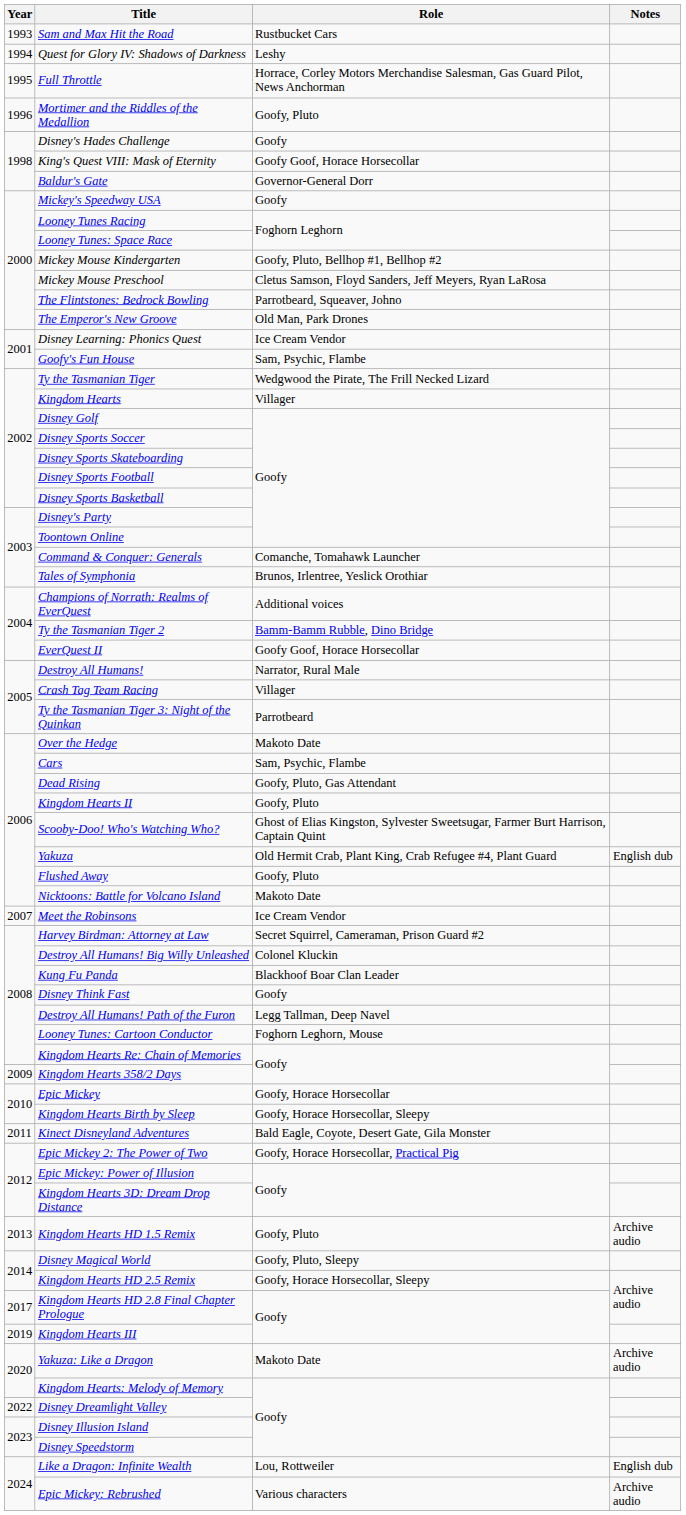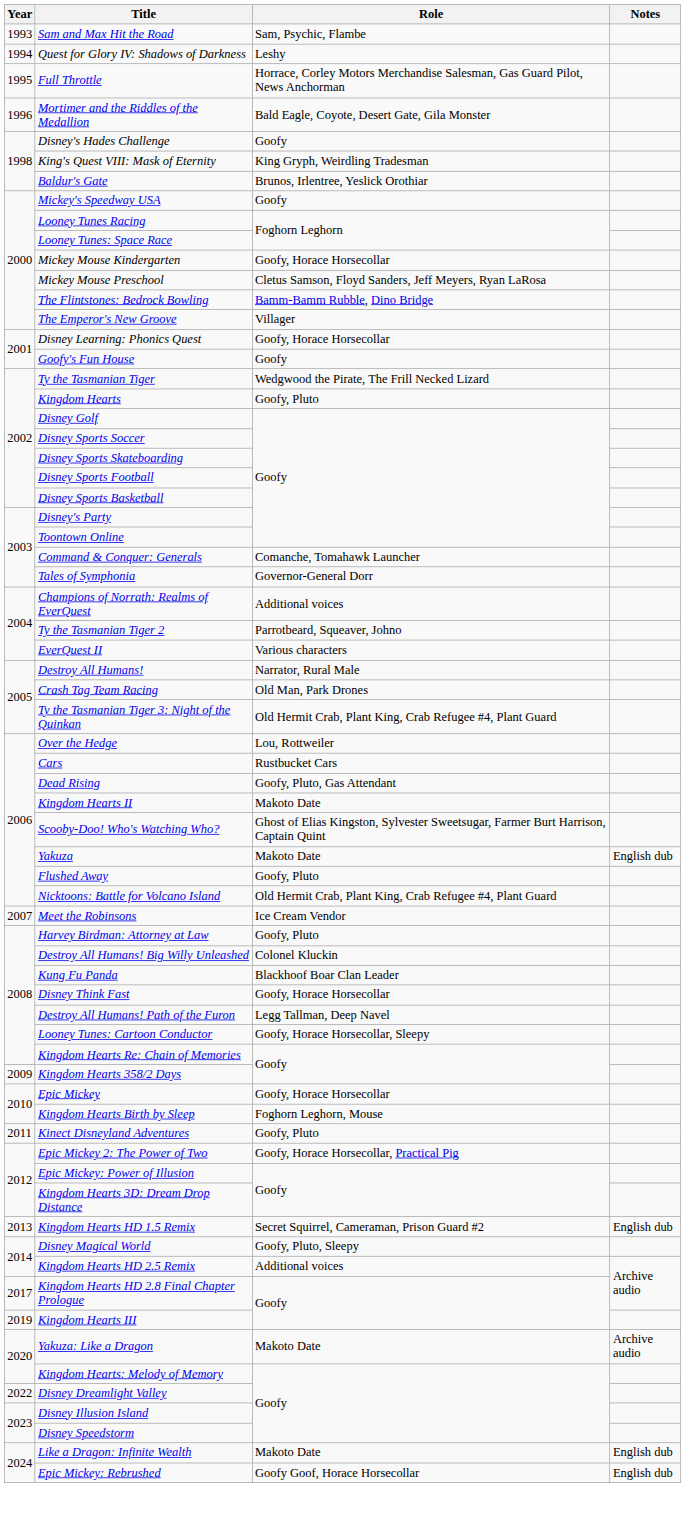 <table class = "wikitable sortable">
 <tr>
 <th>Year</th>
 <th>Title</th>
 <th>Role</th>
 <th class = "unsortable">Notes</th>
 </tr>
 <tr>
 <td>1993</td>
 <td><em><a href='#'>Sam and Max Hit the Road</a></em></td>
-<td>Rustbucket Cars</td>
+<td>Sam, Psychic, Flambe</td>
 <td> </td>
 </tr>
 <tr>
 <td>1994</td>
 <td><em>Quest for Glory IV: Shadows of Darkness</em></td>
 <td>Leshy</td>
 <td> </td>
 </tr>
 <tr>
 <td>1995</td>
 <td><em><a href='#'>Full Throttle</a></em></td>
 <td>Horrace, Corley Motors Merchandise Salesman, Gas Guard Pilot, News Anchorman</td>
 <td> </td>
 </tr>
 <tr>
 <td>1996</td>
 <td><em><a href='#'>Mortimer and the Riddles of the Medallion</a></em></td>
-<td>Goofy, Pluto</td>
+<td>Bald Eagle, Coyote, Desert Gate, Gila Monster</td>
 <td> </td>
 </tr>
 <tr>
 <td rowspan="3">1998</td>
 <td><em>Disney's Hades Challenge</em></td>
 <td>Goofy</td>
 <td> </td>
 </tr>
 <tr>
 <td><em>King's Quest VIII: Mask of Eternity</em></td>
-<td>Goofy Goof, Horace Horsecollar</td>
+<td>King Gryph, Weirdling Tradesman</td>
 <td> </td>
 </tr>
 <tr>
 <td><em><a href='#'>Baldur's Gate</a></em></td>
-<td>Governor-General Dorr</td>
+<td>Brunos, Irlentree, Yeslick Orothiar</td>
 <td> </td>
 </tr>
 <tr>
 <td rowspan="7">2000</td>
 <td><em><a href='#'>Mickey's Speedway USA</a></em></td>
 <td>Goofy</td>
 <td> </td>
 </tr>
 <tr>
 <td><em><a href='#'>Looney Tunes Racing</a></em></td>
 <td rowspan="2">Foghorn Leghorn</td>
 <td> </td>
 </tr>
 <tr>
 <td><em><a href='#'>Looney Tunes: Space Race</a></em></td>
 <td> </td>
 </tr>
 <tr>
 <td><em>Mickey Mouse Kindergarten</em></td>
-<td>Goofy, Pluto, Bellhop #1, Bellhop #2</td>
+<td>Goofy, Horace Horsecollar</td>
 <td> </td>
 </tr>
 <tr>
 <td><em>Mickey Mouse Preschool</em></td>
 <td>Cletus Samson, Floyd Sanders, Jeff Meyers, Ryan LaRosa</td>
 <td> </td>
 </tr>
 <tr>
 <td><em><a href='#'>The Flintstones: Bedrock Bowling</a></em></td>
-<td>Parrotbeard, Squeaver, Johno</td>
+<td><a href='#'>Bamm-Bamm Rubble</a>, <a href='#'>Dino Bridge</a></td>
 <td> </td>
 </tr>
 <tr>
 <td><em><a href='#'>The Emperor's New Groove</a></em></td>
-<td>Old Man, Park Drones</td>
+<td>Villager</td>
 <td> </td>
 </tr>
 <tr>
 <td rowspan="2">2001</td>
 <td><em>Disney Learning: Phonics Quest</em></td>
-<td>Ice Cream Vendor</td>
+<td>Goofy, Horace Horsecollar</td>
 <td> </td>
 </tr>
 <tr>
 <td><em><a href='#'>Goofy's Fun House</a></em></td>
-<td>Sam, Psychic, Flambe</td>
+<td>Goofy</td>
 <td> </td>
 </tr>
 <tr>
 <td rowspan="7">2002</td>
 <td><em><a href='#'>Ty the Tasmanian Tiger</a></em></td>
 <td>Wedgwood the Pirate, The Frill Necked Lizard</td>
 <td> </td>
 </tr>
 <tr>
 <td><em><a href='#'>Kingdom Hearts</a></em></td>
-<td>Villager</td>
+<td>Goofy, Pluto</td>
 <td> </td>
 </tr>
 <tr>
 <td><em><a href='#'>Disney Golf</a></em></td>
 <td rowspan="7">Goofy</td>
 <td> </td>
 </tr>
 <tr>
 <td><em><a href='#'>Disney Sports Soccer</a></em></td>
 <td> </td>
 </tr>
 <tr>
 <td><em><a href='#'>Disney Sports Skateboarding</a></em></td>
 <td> </td>
 </tr>
 <tr>
 <td><em><a href='#'>Disney Sports Football</a></em></td>
 <td> </td>
 </tr>
 <tr>
 <td><em><a href='#'>Disney Sports Basketball</a></em></td>
 <td> </td>
 </tr>
 <tr>
 <td rowspan="4">2003</td>
 <td><em><a href='#'>Disney's Party</a></em></td>
 <td> </td>
 </tr>
 <tr>
 <td><em><a href='#'>Toontown Online</a></em></td>
 <td> </td>
 </tr>
 <tr>
 <td><em><a href='#'>Command & Conquer: Generals</a></em></td>
 <td>Comanche, Tomahawk Launcher</td>
 <td> </td>
 </tr>
 <tr>
 <td><em><a href='#'>Tales of Symphonia</a></em></td>
-<td>Brunos, Irlentree, Yeslick Orothiar</td>
+<td>Governor-General Dorr</td>
 <td> </td>
 </tr>
 <tr>
 <td rowspan="3">2004</td>
 <td><em><a href='#'>Champions of Norrath: Realms of EverQuest</a></em></td>
 <td>Additional voices</td>
 <td> </td>
 </tr>
 <tr>
 <td><em><a href='#'>Ty the Tasmanian Tiger 2</a></em></td>
-<td><a href='#'>Bamm-Bamm Rubble</a>, <a href='#'>Dino Bridge</a></td>
+<td>Parrotbeard, Squeaver, Johno</td>
 <td> </td>
 </tr>
 <tr>
 <td><em><a href='#'>EverQuest II</a></em></td>
-<td>Goofy Goof, Horace Horsecollar</td>
+<td>Various characters </td>
 <td> </td>
 </tr>
 <tr>
 <td rowspan="3">2005</td>
 <td><em><a href='#'>Destroy All Humans!</a></em></td>
 <td>Narrator, Rural Male</td>
 <td></td>
 </tr>
 <tr>
 <td><em><a href='#'>Crash Tag Team Racing</a></em></td>
-<td>Villager</td>
+<td>Old Man, Park Drones</td>
 <td> </td>
 </tr>
 <tr>
 <td><em><a href='#'>Ty the Tasmanian Tiger 3: Night of the Quinkan</a></em></td>
-<td>Parrotbeard</td>
+<td>Old Hermit Crab, Plant King, Crab Refugee #4, Plant Guard</td>
 <td> </td>
 </tr>
 <tr>
 <td rowspan="8">2006</td>
 <td><em><a href='#'>Over the Hedge</a></em></td>
-<td>Makoto Date</td>
+<td>Lou, Rottweiler</td>
 <td> </td>
 </tr>
 <tr>
 <td><em><a href='#'>Cars</a></em></td>
-<td>Sam, Psychic, Flambe</td>
+<td>Rustbucket Cars</td>
 <td> </td>
 </tr>
 <tr>
 <td><em><a href='#'>Dead Rising</a></em></td>
 <td>Goofy, Pluto, Gas Attendant</td>
 <td> </td>
 </tr>
 <tr>
 <td><em><a href='#'>Kingdom Hearts II</a></em></td>
-<td>Goofy, Pluto</td>
+<td>Makoto Date</td>
 <td> </td>
 </tr>
 <tr>
 <td><em><a href='#'>Scooby-Doo! Who's Watching Who?</a></em></td>
 <td>Ghost of Elias Kingston, Sylvester Sweetsugar, Farmer Burt Harrison, Captain Quint</td>
 <td> </td>
 </tr>
 <tr>
 <td><em><a href='#'>Yakuza</a></em></td>
-<td>Old Hermit Crab, Plant King, Crab Refugee #4, Plant Guard</td>
+<td>Makoto Date</td>
 <td>English dub</td>
 </tr>
 <tr>
 <td><em><a href='#'>Flushed Away</a></em></td>
 <td>Goofy, Pluto</td>
 <td> </td>
 </tr>
 <tr>
 <td><em><a href='#'>Nicktoons: Battle for Volcano Island</a></em></td>
-<td>Makoto Date</td>
+<td>Old Hermit Crab, Plant King, Crab Refugee #4, Plant Guard</td>
 <td> </td>
 </tr>
 <tr>
 <td>2007</td>
 <td><em><a href='#'>Meet the Robinsons</a></em></td>
 <td>Ice Cream Vendor</td>
 <td> </td>
 </tr>
 <tr>
 <td rowspan="7">2008</td>
 <td><em><a href='#'>Harvey Birdman: Attorney at Law</a></em></td>
-<td>Secret Squirrel, Cameraman, Prison Guard #2</td>
+<td>Goofy, Pluto</td>
 <td> </td>
 </tr>
 <tr>
 <td><em><a href='#'>Destroy All Humans! Big Willy Unleashed</a></em></td>
 <td>Colonel Kluckin</td>
 <td> </td>
 </tr>
 <tr>
 <td><em><a href='#'>Kung Fu Panda</a></em></td>
 <td>Blackhoof Boar Clan Leader</td>
 <td> </td>
 </tr>
 <tr>
 <td><em><a href='#'>Disney Think Fast</a></em></td>
-<td>Goofy</td>
+<td>Goofy, Horace Horsecollar</td>
 <td> </td>
 </tr>
 <tr>
 <td><em><a href='#'>Destroy All Humans! Path of the Furon</a></em></td>
 <td>Legg Tallman, Deep Navel</td>
 <td> </td>
 </tr>
 <tr>
 <td><em><a href='#'>Looney Tunes: Cartoon Conductor</a></em></td>
-<td>Foghorn Leghorn, Mouse</td>
+<td>Goofy, Horace Horsecollar, Sleepy</td>
 <td></td>
 </tr>
 <tr>
 <td><em><a href='#'>Kingdom Hearts Re: Chain of Memories</a></em></td>
 <td rowspan="2">Goofy</td>
 <td> </td>
 </tr>
 <tr>
 <td>2009</td>
 <td><em><a href='#'>Kingdom Hearts 358/2 Days</a></em></td>
 <td> </td>
 </tr>
 <tr>
 <td rowspan="2">2010</td>
 <td><em><a href='#'>Epic Mickey</a></em></td>
 <td>Goofy, Horace Horsecollar</td>
 <td> </td>
 </tr>
 <tr>
 <td><em><a href='#'>Kingdom Hearts Birth by Sleep</a></em></td>
-<td>Goofy, Horace Horsecollar, Sleepy</td>
+<td>Foghorn Leghorn, Mouse</td>
 <td> </td>
 </tr>
 <tr>
 <td>2011</td>
 <td><em><a href='#'>Kinect Disneyland Adventures</a></em></td>
-<td>Bald Eagle, Coyote, Desert Gate, Gila Monster</td>
+<td>Goofy, Pluto</td>
 <td> </td>
 </tr>
 <tr>
 <td rowspan="3">2012</td>
 <td><em><a href='#'>Epic Mickey 2: The Power of Two</a></em></td>
 <td>Goofy, Horace Horsecollar, <a href='#'>Practical Pig</a></td>
 <td> </td>
 </tr>
 <tr>
 <td><em><a href='#'>Epic Mickey: Power of Illusion</a></em></td>
 <td rowspan="2">Goofy</td>
 <td> </td>
 </tr>
 <tr>
 <td><em><a href='#'>Kingdom Hearts 3D: Dream Drop Distance</a></em></td>
 <td> </td>
 </tr>
 <tr>
 <td>2013</td>
 <td><em><a href='#'>Kingdom Hearts HD 1.5 Remix</a></em></td>
-<td>Goofy, Pluto</td>
-<td>Archive audio</td>
+<td>Secret Squirrel, Cameraman, Prison Guard #2</td>
+<td>English dub</td>
 </tr>
 <tr>
 <td rowspan="2">2014</td>
 <td><em><a href='#'>Disney Magical World</a></em></td>
 <td>Goofy, Pluto, Sleepy</td>
 <td> </td>
 </tr>
 <tr>
 <td><em><a href='#'>Kingdom Hearts HD 2.5 Remix</a></em></td>
-<td>Goofy, Horace Horsecollar, Sleepy</td>
+<td>Additional voices</td>
 <td rowspan="2">Archive audio</td>
 </tr>
 <tr>
 <td>2017</td>
 <td><em><a href='#'>Kingdom Hearts HD 2.8 Final Chapter Prologue</a></em></td>
 <td rowspan="2">Goofy</td>
 </tr>
 <tr>
 <td>2019</td>
 <td><em><a href='#'>Kingdom Hearts III</a></em></td>
 <td> </td>
 </tr>
 <tr>
 <td rowspan="2">2020</td>
 <td><em><a href='#'>Yakuza: Like a Dragon</a></em></td>
 <td>Makoto Date</td>
 <td>Archive audio</td>
 </tr>
 <tr>
 <td><em><a href='#'>Kingdom Hearts: Melody of Memory</a></em></td>
 <td rowspan="4">Goofy</td>
 <td> </td>
 </tr>
 <tr>
 <td>2022</td>
 <td><em><a href='#'>Disney Dreamlight Valley</a></em></td>
 <td> </td>
 </tr>
 <tr>
 <td rowspan="2">2023</td>
 <td><em><a href='#'>Disney Illusion Island</a></em></td>
 <td> </td>
 </tr>
 <tr>
 <td><em><a href='#'>Disney Speedstorm</a></em></td>
 <td> </td>
 </tr>
 <tr>
 <td rowspan="2">2024</td>
 <td><em><a href='#'>Like a Dragon: Infinite Wealth</a></em></td>
-<td>Lou, Rottweiler</td>
+<td>Makoto Date</td>
 <td>English dub</td>
 </tr>
 <tr>
 <td><em><a href='#'>Epic Mickey: Rebrushed</a></em></td>
-<td>Various characters </td>
-<td>Archive audio</td>
+<td>Goofy Goof, Horace Horsecollar</td>
+<td>English dub</td>
 </tr>
 </table>
